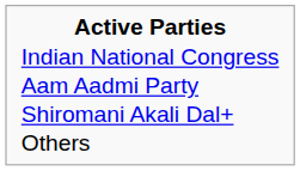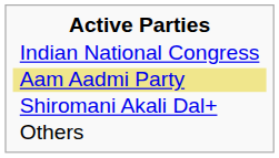 <table style="float; margin-left: 1em; margin-bottom: 0.5em" class="infobox">
 <tr>
 <td style="text-align: center"><span><strong>Active Parties</strong></span></td>
 </tr>
 <tr>
 <td style="padding: 0 5px;"> <a href='#'>Indian National Congress</a></td>
 </tr>
 <tr>
-<td style="padding: 0 5px;"> <a href='#'>Aam Aadmi Party</a></td>
+<td style="background: khaki; padding: 0 5px;"> <a href='#'>Aam Aadmi Party</a></td>
 </tr>
 <tr>
 <td style="padding: 0 5px;"> <a href='#'>Shiromani Akali Dal+</a></td>
 </tr>
 <tr>
 <td style="padding: 0 5px;"> Others<br></td>
 </tr>
 </table>
